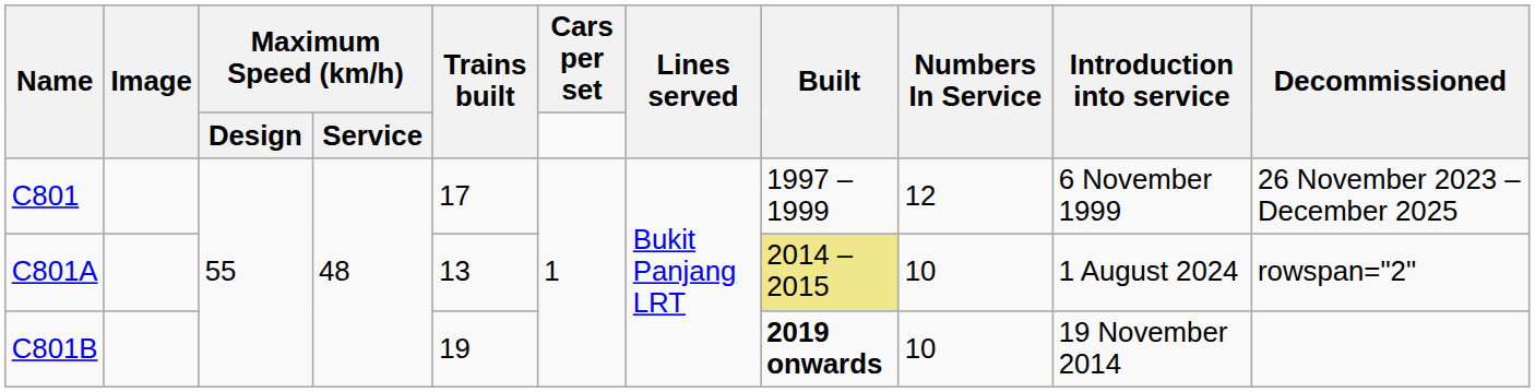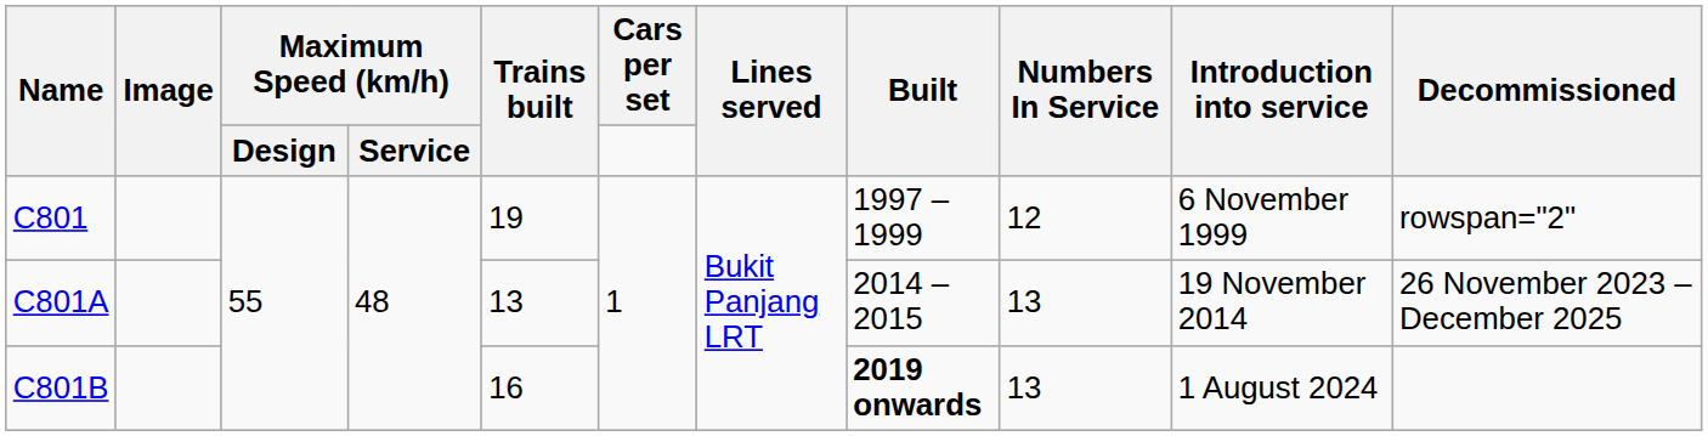 <table class="wikitable">
 <tr>
 <th rowspan="2">Name</th>
 <th rowspan="2">Image</th>
 <th colspan="2">Maximum Speed (km/h)</th>
 <th rowspan="2">Trains built</th>
 <th rowspan="1 or 2”">Cars per set</th>
 <th rowspan="2">Lines served</th>
 <th rowspan="2">Built</th>
 <th rowspan="2">Numbers In Service</th>
 <th rowspan="2">Introduction into service</th>
 <th rowspan="2">Decommissioned</th>
 </tr>
 <tr>
 <th>Design</th>
 <th>Service</th>
 </tr>
 <tr>
 <td><a href='#'>C801</a></td>
 <td></td>
 <td rowspan="3">55</td>
 <td rowspan="3">48</td>
-<td>17</td>
+<td>19</td>
 <td rowspan="3">1</td>
 <td rowspan="3"><a href='#'>Bukit Panjang LRT</a></td>
 <td>1997 – 1999</td>
 <td>12</td>
 <td>6 November 1999</td>
-<td>26 November 2023 – December 2025</td>
+<td>rowspan="2" </td>
 </tr>
 <tr>
 <td><a href='#'>C801A</a></td>
 <td></td>
 <td>13</td>
-<td style="background: khaki;">2014 – 2015</td>
-<td>10</td>
-<td>1 August 2024</td>
-<td>rowspan="2" </td>
+<td>2014 – 2015</td>
+<td>13</td>
+<td>19 November 2014</td>
+<td>26 November 2023 – December 2025</td>
 </tr>
 <tr>
 <td><a href='#'>C801B</a></td>
 <td></td>
-<td>19</td>
+<td>16</td>
 <td><strong>2019 onwards</strong></td>
-<td>10</td>
-<td>19 November 2014</td>
+<td>13</td>
+<td>1 August 2024</td>
 </tr>
 </table>
